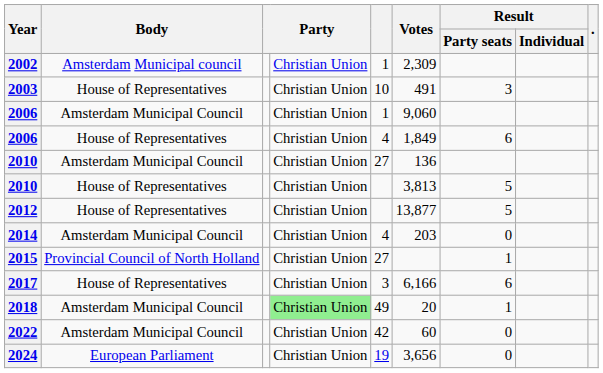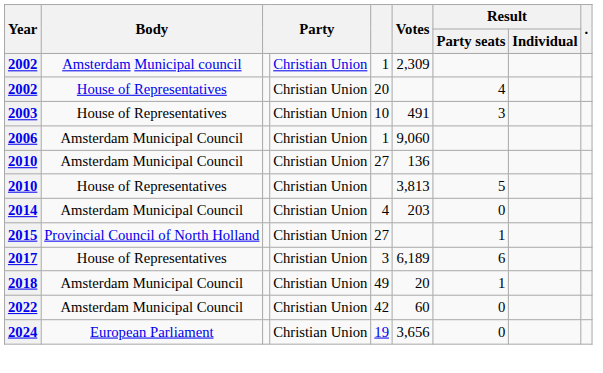 <table class="wikitable plainrowheaders sortable" border=2 cellpadding=4 cellspacing=0 style="border: 1px #aaa solid; font-size: 90%; text-align:center;">
 <tr>
 <th scope="col" rowspan=2>Year</th>
 <th scope="col" rowspan=2>Body</th>
 <th scope="col" colspan=2 rowspan=2>Party</th>
 <th scope="col" rowspan=2></th>
 <th scope="col" rowspan=2>Votes</th>
 <th scope="colgroup" colspan=2>Result</th>
 <th scope="col" rowspan=2>.</th>
 </tr>
 <tr>
 <th scope="col">Party seats</th>
 <th scope="col">Individual</th>
 </tr>
 <tr>
 <th scope="row"><a href='#'>2002</a></th>
 <td><a href='#'>Amsterdam</a> <a href='#'>Municipal council</a></td>
 <td style="background-color:"></td>
 <td><a href='#'>Christian Union</a></td>
 <td style=text-align:right>1</td>
 <td style=text-align:right>2,309</td>
 <td style=text-align:right></td>
 <td></td>
 <td></td>
 </tr>
 <tr>
+<th scope="row"><a href='#'>2002</a></th>
+<td><a href='#'>House of Representatives</a></td>
+<td style="background-color:"></td>
+<td>Christian Union</td>
+<td style=text-align:right>20</td>
+<td style=text-align:right></td>
+<td style=text-align:right>4</td>
+<td></td>
+<td></td>
+</tr>
+<tr>
 <th scope="row"><a href='#'>2003</a></th>
 <td>House of Representatives</td>
 <td style="background-color:"></td>
 <td>Christian Union</td>
 <td style=text-align:right>10</td>
 <td style=text-align:right>491</td>
 <td style=text-align:right>3</td>
 <td></td>
 <td></td>
 </tr>
 <tr>
 <th scope="row"><a href='#'>2006</a></th>
 <td>Amsterdam Municipal Council</td>
 <td style="background-color:"></td>
 <td>Christian Union</td>
 <td style=text-align:right>1</td>
 <td style=text-align:right>9,060</td>
 <td style=text-align:right></td>
 <td></td>
 <td></td>
 </tr>
 <tr>
-<th scope="row"><a href='#'>2006</a></th>
-<td>House of Representatives</td>
-<td style="background-color:"></td>
-<td>Christian Union</td>
-<td style=text-align:right>4</td>
-<td style=text-align:right>1,849</td>
-<td style=text-align:right>6</td>
-<td></td>
-<td></td>
-</tr>
-<tr>
 <th scope="row"><a href='#'>2010</a></th>
 <td>Amsterdam Municipal Council</td>
 <td style="background-color:"></td>
 <td>Christian Union</td>
 <td style=text-align:right>27</td>
 <td style=text-align:right>136</td>
 <td style=text-align:right></td>
 <td></td>
 <td></td>
 </tr>
 <tr>
 <th scope="row"><a href='#'>2010</a></th>
 <td>House of Representatives</td>
 <td style="background-color:"></td>
 <td>Christian Union</td>
 <td style=text-align:right></td>
 <td style=text-align:right>3,813</td>
-<td style=text-align:right>5</td>
-<td></td>
-<td></td>
-</tr>
-<tr>
-<th scope="row"><a href='#'>2012</a></th>
-<td>House of Representatives</td>
-<td style="background-color:"></td>
-<td>Christian Union</td>
-<td style=text-align:right></td>
-<td style=text-align:right>13,877</td>
 <td style=text-align:right>5</td>
 <td></td>
 <td></td>
 </tr>
 <tr>
 <th scope="row"><a href='#'>2014</a></th>
 <td>Amsterdam Municipal Council</td>
 <td style="background-color:"></td>
 <td>Christian Union</td>
 <td style=text-align:right>4</td>
 <td style=text-align:right>203</td>
 <td style=text-align:right>0</td>
 <td></td>
 <td></td>
 </tr>
 <tr>
 <th scope="row"><a href='#'>2015</a></th>
 <td><a href='#'>Provincial Council of North Holland</a></td>
 <td style="background-color:"></td>
 <td>Christian Union</td>
 <td style=text-align:right>27</td>
 <td style=text-align:right></td>
 <td style=text-align:right>1</td>
 <td></td>
 <td></td>
 </tr>
 <tr>
 <th scope="row"><a href='#'>2017</a></th>
 <td>House of Representatives</td>
 <td style="background-color:"></td>
 <td>Christian Union</td>
 <td style=text-align:right>3</td>
-<td style=text-align:right>6,166</td>
+<td style=text-align:right>6,189</td>
 <td style=text-align:right>6</td>
 <td></td>
 <td></td>
 </tr>
 <tr>
 <th scope="row"><a href='#'>2018</a></th>
 <td>Amsterdam Municipal Council</td>
 <td style="background-color:"></td>
-<td style="background: lightgreen;">Christian Union</td>
+<td>Christian Union</td>
 <td style=text-align:right>49</td>
 <td style=text-align:right>20</td>
 <td style=text-align:right>1</td>
 <td></td>
 <td></td>
 </tr>
 <tr>
 <th scope="row"><a href='#'>2022</a></th>
 <td>Amsterdam Municipal Council</td>
 <td style="background-color:"></td>
 <td>Christian Union</td>
 <td style=text-align:right>42</td>
 <td style=text-align:right>60</td>
 <td style=text-align:right>0</td>
 <td></td>
 <td></td>
 </tr>
 <tr>
 <th scope="row"><a href='#'>2024</a></th>
 <td><a href='#'>European Parliament</a></td>
 <td style="background-color:"></td>
 <td>Christian Union</td>
 <td style=text-align:right><a href='#'>19</a></td>
 <td style=text-align:right>3,656</td>
 <td style=text-align:right>0</td>
 <td></td>
 <td></td>
 </tr>
 </table>
